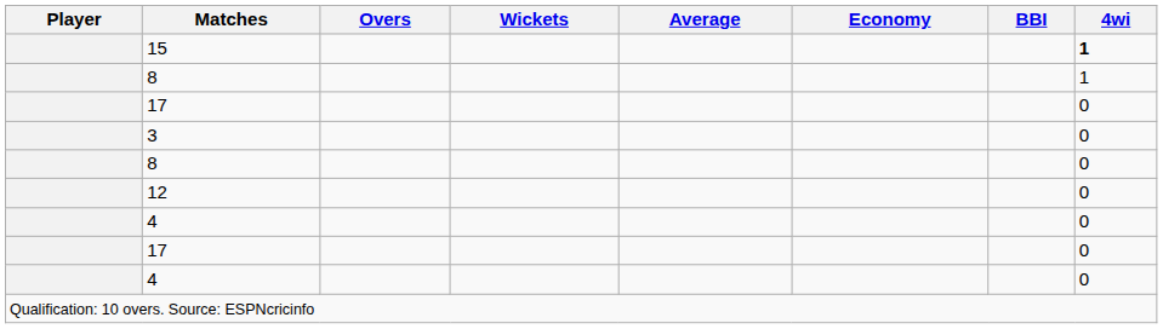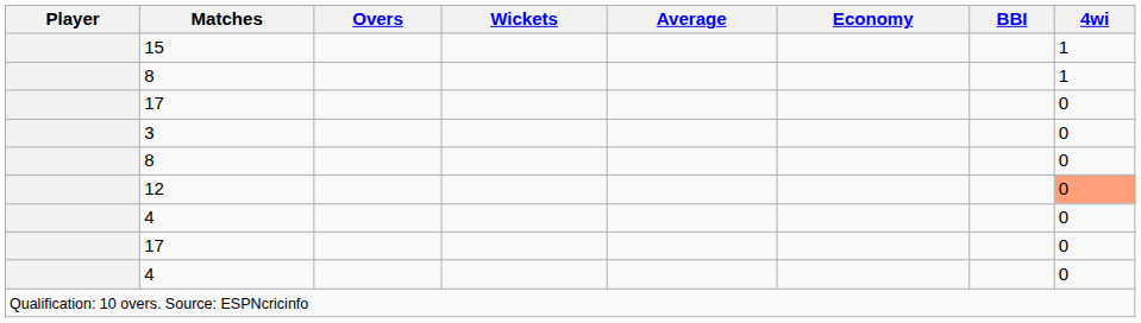 <table class="wikitable sortable plainrowheaders" style="width:80%;">
 <tr>
 <th scope="col">Player</th>
 <th scope="col">Matches</th>
 <th scope="col"><a href='#'>Overs</a></th>
 <th scope="col"><a href='#'>Wickets</a></th>
 <th scope="col"><a href='#'>Average</a></th>
 <th scope="col"><a href='#'>Economy</a></th>
 <th scope="col"><a href='#'>BBI</a></th>
 <th scope="col"><a href='#'>4wi</a></th>
 </tr>
 <tr>
 <th scope="row"></th>
 <td>15</td>
 <td></td>
 <td></td>
 <td></td>
 <td></td>
 <td></td>
-<td><strong>1</strong></td>
+<td>1</td>
 </tr>
 <tr>
 <th scope="row"></th>
 <td>8</td>
 <td></td>
 <td></td>
 <td></td>
 <td></td>
 <td></td>
 <td>1</td>
 </tr>
 <tr>
 <th scope="row"></th>
 <td>17</td>
 <td></td>
 <td></td>
 <td></td>
 <td></td>
 <td></td>
 <td>0</td>
 </tr>
 <tr>
 <th scope="row"></th>
 <td>3</td>
 <td></td>
 <td></td>
 <td></td>
 <td></td>
 <td></td>
 <td>0</td>
 </tr>
 <tr>
 <th scope="row"></th>
 <td>8</td>
 <td></td>
 <td></td>
 <td></td>
 <td></td>
 <td></td>
 <td>0</td>
 </tr>
 <tr>
 <th scope="row"></th>
 <td>12</td>
 <td></td>
 <td></td>
 <td></td>
 <td></td>
 <td></td>
-<td>0</td>
+<td style="background: lightsalmon;">0</td>
 </tr>
 <tr>
 <th scope="row"></th>
 <td>4</td>
 <td></td>
 <td></td>
 <td></td>
 <td></td>
 <td></td>
 <td>0</td>
 </tr>
 <tr>
 <th scope="row"></th>
 <td>17</td>
 <td></td>
 <td></td>
 <td></td>
 <td></td>
 <td></td>
 <td>0</td>
 </tr>
 <tr>
 <th scope="row"></th>
 <td>4</td>
 <td></td>
 <td></td>
 <td></td>
 <td></td>
 <td></td>
 <td>0</td>
 </tr>
 <tr class="sortbottom">
 <td colspan="8"><small>Qualification: 10 overs. Source: ESPNcricinfo</small></td>
 </tr>
 </table>
